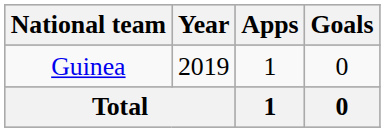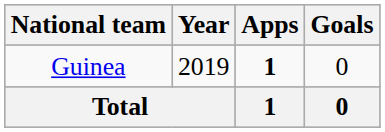 <table class="wikitable" style="text-align:center">
 <tr>
 <th>National team</th>
 <th>Year</th>
 <th>Apps</th>
 <th>Goals</th>
 </tr>
 <tr>
 <td rowspan="1"><a href='#'>Guinea</a></td>
 <td>2019</td>
-<td>1</td>
+<td><strong>1</strong></td>
 <td>0</td>
 </tr>
 <tr>
 <th colspan="2">Total</th>
 <th>1</th>
 <th>0</th>
 </tr>
 </table>
